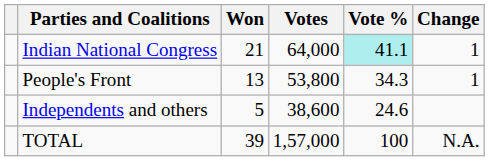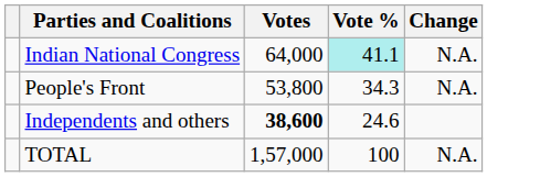 <table class="wikitable Sortable" border="2">
 <tr valign="top">
 <th></th>
 <th>Parties and Coalitions</th>
-<th>Won</th>
 <th>Votes</th>
 <th>Vote %</th>
 <th>Change</th>
 </tr>
 <tr>
 <td style="background-color:"> </td>
 <td style="text-align:left;"><a href='#'>Indian National Congress</a></td>
-<td align="right">21</td>
 <td align="right">64,000</td>
 <td align="right" style="background: paleturquoise;">41.1</td>
-<td align="right">1</td>
+<td align="right">N.A.</td>
 </tr>
 <tr>
 <td style="background-color:"> </td>
 <td style="text-align:left;">People's Front</td>
-<td align="right">13</td>
 <td align="right">53,800</td>
 <td align="right">34.3</td>
-<td align="right">1</td>
+<td align="right">N.A.</td>
 </tr>
 <tr>
 <td style="background-color:"> </td>
 <td style="text-align:left;"><a href='#'>Independents</a> and others</td>
-<td align="right">5</td>
-<td align="right">38,600</td>
+<td align="right"><strong>38,600</strong></td>
 <td align="right">24.6</td>
 <td align="right"></td>
 </tr>
 <tr>
 <td></td>
 <td>TOTAL</td>
-<td align="right">39</td>
 <td align="right">1,57,000</td>
 <td align="right">100</td>
 <td align="right">N.A.</td>
 </tr>
 </table>
